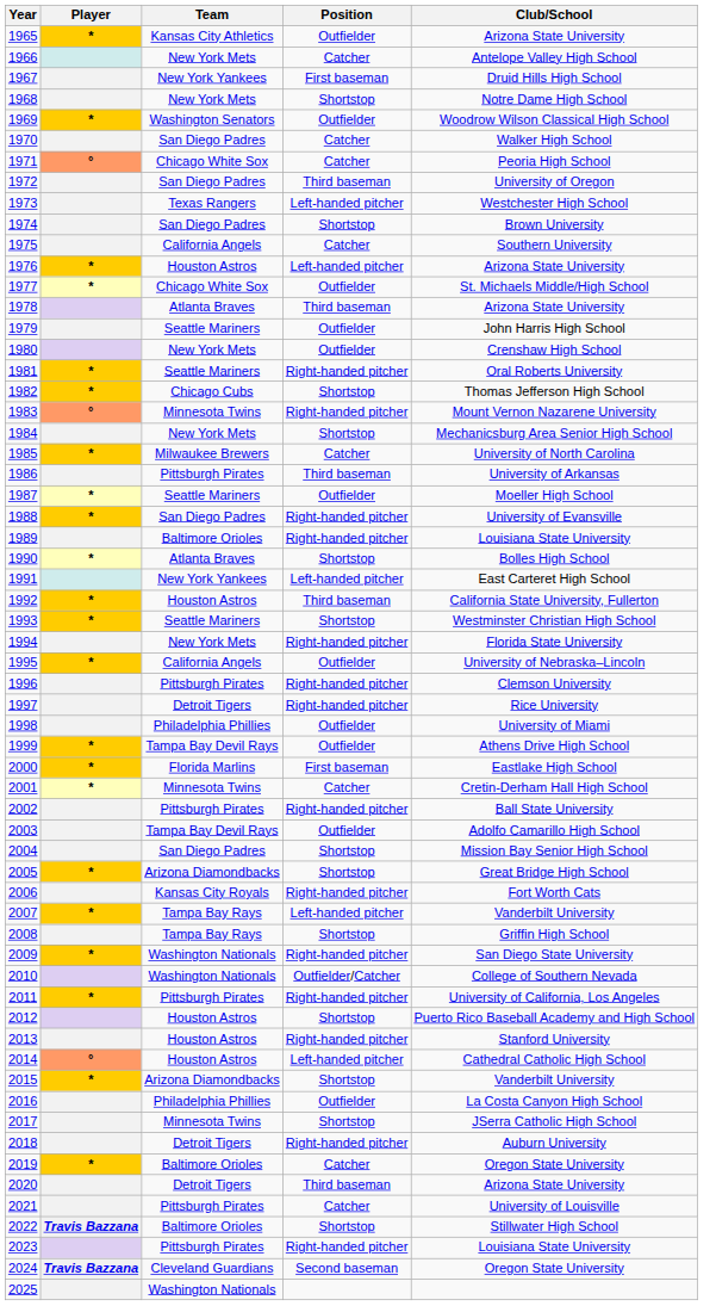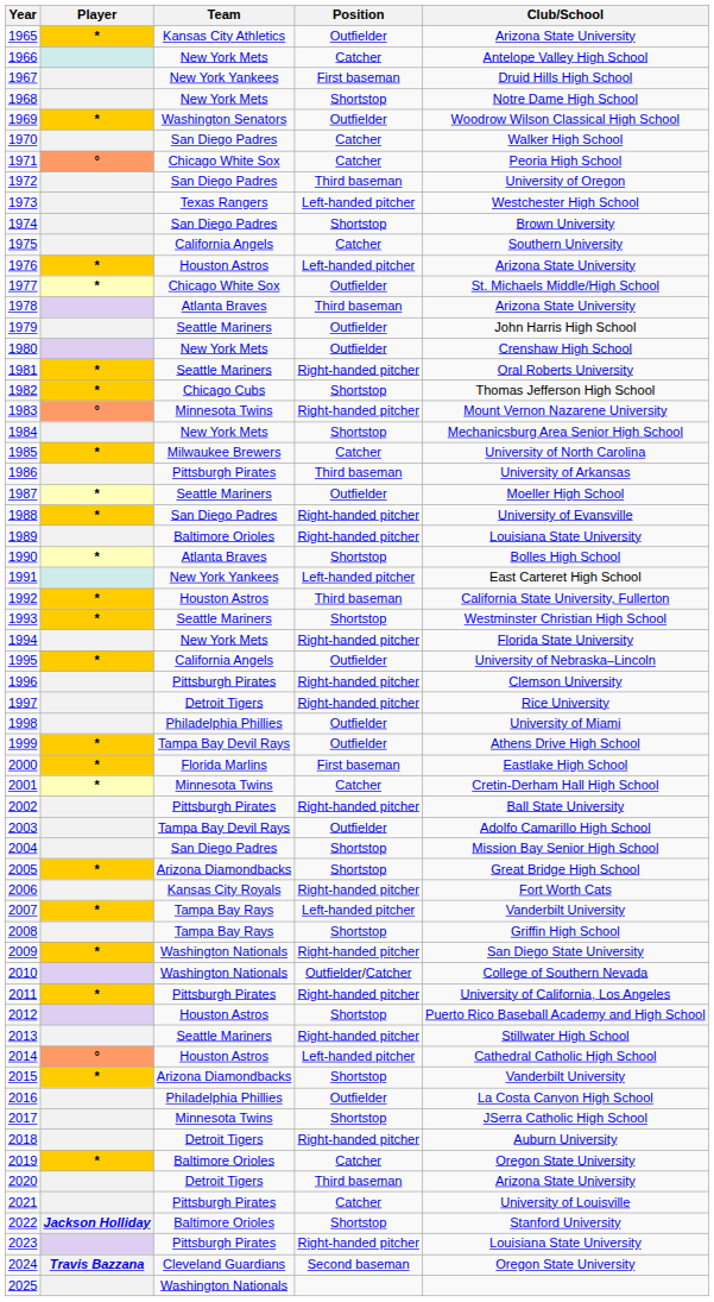 <table class="wikitable sortable plainrowheaders" style="text-align:center">
 <tr>
 <th scope="col">Year</th>
 <th scope="col">Player</th>
 <th scope="col">Team</th>
 <th scope="col">Position</th>
 <th scope="col">Club/School</th>
 </tr>
 <tr>
 <td><a href='#'>1965</a></td>
 <th scope="row" style="text-align:center; background-color: #FFCC00">*</th>
 <td><a href='#'>Kansas City Athletics</a></td>
 <td><a href='#'>Outfielder</a></td>
 <td><a href='#'>Arizona State University</a></td>
 </tr>
 <tr>
 <td><a href='#'>1966</a></td>
 <th scope="row" style="text-align:center; background-color: #CFECEC"></th>
 <td><a href='#'>New York Mets</a></td>
 <td><a href='#'>Catcher</a></td>
 <td><a href='#'>Antelope Valley High School</a><br></td>
 </tr>
 <tr>
 <td><a href='#'>1967</a></td>
 <th scope="row" style="text-align:center"></th>
 <td><a href='#'>New York Yankees</a></td>
 <td><a href='#'>First baseman</a></td>
 <td><a href='#'>Druid Hills High School</a><br></td>
 </tr>
 <tr>
 <td><a href='#'>1968</a></td>
 <th scope="row" style="text-align:center"></th>
 <td><a href='#'>New York Mets</a></td>
 <td><a href='#'>Shortstop</a></td>
 <td><a href='#'>Notre Dame High School</a><br></td>
 </tr>
 <tr>
 <td><a href='#'>1969</a></td>
 <th scope="row" style="text-align:center; background-color: #FFCC00">*</th>
 <td><a href='#'>Washington Senators</a></td>
 <td><a href='#'>Outfielder</a></td>
 <td><a href='#'>Woodrow Wilson Classical High School</a><br></td>
 </tr>
 <tr>
 <td><a href='#'>1970</a></td>
 <th scope="row" style="text-align:center"></th>
 <td><a href='#'>San Diego Padres</a></td>
 <td><a href='#'>Catcher</a></td>
 <td><a href='#'>Walker High School</a><br></td>
 </tr>
 <tr>
 <td><a href='#'>1971</a></td>
 <th scope="row" style="text-align:center; background-color: #FF9966">°</th>
 <td><a href='#'>Chicago White Sox</a></td>
 <td><a href='#'>Catcher</a></td>
 <td><a href='#'>Peoria High School</a><br></td>
 </tr>
 <tr>
 <td><a href='#'>1972</a></td>
 <th scope="row" style="text-align:center"></th>
 <td><a href='#'>San Diego Padres</a></td>
 <td><a href='#'>Third baseman</a></td>
 <td><a href='#'>University of Oregon</a></td>
 </tr>
 <tr>
 <td><a href='#'>1973</a></td>
 <th scope="row" style="text-align:center"></th>
 <td><a href='#'>Texas Rangers</a></td>
 <td><a href='#'>Left-handed pitcher</a></td>
 <td><a href='#'>Westchester High School</a><br></td>
 </tr>
 <tr>
 <td><a href='#'>1974</a></td>
 <th scope="row" style="text-align:center"></th>
 <td><a href='#'>San Diego Padres</a></td>
 <td><a href='#'>Shortstop</a></td>
 <td><a href='#'>Brown University</a></td>
 </tr>
 <tr>
 <td><a href='#'>1975</a></td>
 <th scope="row" style="text-align:center"> </th>
 <td><a href='#'>California Angels</a></td>
 <td><a href='#'>Catcher</a></td>
 <td><a href='#'>Southern University</a></td>
 </tr>
 <tr>
 <td><a href='#'>1976</a></td>
 <th scope="row" style="text-align:center; background-color: #FFCC00">*</th>
 <td><a href='#'>Houston Astros</a></td>
 <td><a href='#'>Left-handed pitcher</a></td>
 <td><a href='#'>Arizona State University</a></td>
 </tr>
 <tr>
 <td><a href='#'>1977</a></td>
 <th scope="row" style="text-align:center; background-color: #ffffbb">*</th>
 <td><a href='#'>Chicago White Sox</a></td>
 <td><a href='#'>Outfielder</a></td>
 <td><a href='#'>St. Michaels Middle/High School</a><br></td>
 </tr>
 <tr>
 <td><a href='#'>1978</a></td>
 <th scope="row" style="text-align:center; background-color: #ddcef2"></th>
 <td><a href='#'>Atlanta Braves</a></td>
 <td><a href='#'>Third baseman</a></td>
 <td><a href='#'>Arizona State University</a></td>
 </tr>
 <tr>
 <td><a href='#'>1979</a></td>
 <th scope="row" style="text-align:center"></th>
 <td><a href='#'>Seattle Mariners</a></td>
 <td><a href='#'>Outfielder</a></td>
 <td>John Harris High School<br></td>
 </tr>
 <tr>
 <td><a href='#'>1980</a></td>
 <th scope="row" style="text-align:center; background-color: #ddcef2"></th>
 <td><a href='#'>New York Mets</a></td>
 <td><a href='#'>Outfielder</a></td>
 <td><a href='#'>Crenshaw High School</a><br></td>
 </tr>
 <tr>
 <td><a href='#'>1981</a></td>
 <th scope="row" style="text-align:center; background-color: #FFCC00">*</th>
 <td><a href='#'>Seattle Mariners</a></td>
 <td><a href='#'>Right-handed pitcher</a></td>
 <td><a href='#'>Oral Roberts University</a></td>
 </tr>
 <tr>
 <td><a href='#'>1982</a></td>
 <th scope="row" style="text-align:center; background-color: #FFCC00">*</th>
 <td><a href='#'>Chicago Cubs</a></td>
 <td><a href='#'>Shortstop</a></td>
 <td>Thomas Jefferson High School<br></td>
 </tr>
 <tr>
 <td><a href='#'>1983</a></td>
 <th scope="row" style="text-align:center; background-color: #FF9966">°</th>
 <td><a href='#'>Minnesota Twins</a></td>
 <td><a href='#'>Right-handed pitcher</a></td>
 <td><a href='#'>Mount Vernon Nazarene University</a></td>
 </tr>
 <tr>
 <td><a href='#'>1984</a></td>
 <th scope="row" style="text-align:center"></th>
 <td><a href='#'>New York Mets</a></td>
 <td><a href='#'>Shortstop</a></td>
 <td><a href='#'>Mechanicsburg Area Senior High School</a><br></td>
 </tr>
 <tr>
 <td><a href='#'>1985</a></td>
 <th scope="row" style="text-align:center; background-color: #FFCC00">*</th>
 <td><a href='#'>Milwaukee Brewers</a></td>
 <td><a href='#'>Catcher</a></td>
 <td><a href='#'>University of North Carolina</a></td>
 </tr>
 <tr>
 <td><a href='#'>1986</a></td>
 <th scope="row" style="text-align:center"></th>
 <td><a href='#'>Pittsburgh Pirates</a></td>
 <td><a href='#'>Third baseman</a></td>
 <td><a href='#'>University of Arkansas</a></td>
 </tr>
 <tr>
 <td><a href='#'>1987</a></td>
 <th scope="row" style="text-align:center; background-color: #ffffbb">*</th>
 <td><a href='#'>Seattle Mariners</a></td>
 <td><a href='#'>Outfielder</a></td>
 <td><a href='#'>Moeller High School</a><br></td>
 </tr>
 <tr>
 <td><a href='#'>1988</a></td>
 <th scope="row" style="text-align:center; background-color: #FFCC00">*</th>
 <td><a href='#'>San Diego Padres</a></td>
 <td><a href='#'>Right-handed pitcher</a></td>
 <td><a href='#'>University of Evansville</a></td>
 </tr>
 <tr>
 <td><a href='#'>1989</a></td>
 <th scope="row" style="text-align:center"></th>
 <td><a href='#'>Baltimore Orioles</a></td>
 <td><a href='#'>Right-handed pitcher</a></td>
 <td><a href='#'>Louisiana State University</a></td>
 </tr>
 <tr>
 <td><a href='#'>1990</a></td>
 <th scope="row" style="text-align:center; background-color: #ffffbb">*</th>
 <td><a href='#'>Atlanta Braves</a></td>
 <td><a href='#'>Shortstop</a></td>
 <td><a href='#'>Bolles High School</a><br></td>
 </tr>
 <tr>
 <td><a href='#'>1991</a></td>
 <th scope="row" style="text-align:center; background-color: #CFECEC"></th>
 <td><a href='#'>New York Yankees</a></td>
 <td><a href='#'>Left-handed pitcher</a></td>
 <td>East Carteret High School<br></td>
 </tr>
 <tr>
 <td><a href='#'>1992</a></td>
 <th scope="row" style="text-align:center; background-color: #FFCC00">*</th>
 <td><a href='#'>Houston Astros</a></td>
 <td><a href='#'>Third baseman</a></td>
 <td><a href='#'>California State University, Fullerton</a></td>
 </tr>
 <tr>
 <td><a href='#'>1993</a></td>
 <th scope="row" style="text-align:center; background-color: #FFCC00">*</th>
 <td><a href='#'>Seattle Mariners</a></td>
 <td><a href='#'>Shortstop</a></td>
 <td><a href='#'>Westminster Christian High School</a><br></td>
 </tr>
 <tr>
 <td><a href='#'>1994</a></td>
 <th scope="row" style="text-align:center"></th>
 <td><a href='#'>New York Mets</a></td>
 <td><a href='#'>Right-handed pitcher</a></td>
 <td><a href='#'>Florida State University</a></td>
 </tr>
 <tr>
 <td><a href='#'>1995</a></td>
 <th scope="row" style="text-align:center; background-color: #FFCC00">*</th>
 <td><a href='#'>California Angels</a></td>
 <td><a href='#'>Outfielder</a></td>
 <td><a href='#'>University of Nebraska–Lincoln</a></td>
 </tr>
 <tr>
 <td><a href='#'>1996</a></td>
 <th scope="row" style="text-align:center"></th>
 <td><a href='#'>Pittsburgh Pirates</a></td>
 <td><a href='#'>Right-handed pitcher</a></td>
 <td><a href='#'>Clemson University</a></td>
 </tr>
 <tr>
 <td><a href='#'>1997</a></td>
 <th scope="row" style="text-align:center"></th>
 <td><a href='#'>Detroit Tigers</a></td>
 <td><a href='#'>Right-handed pitcher</a></td>
 <td><a href='#'>Rice University</a></td>
 </tr>
 <tr>
 <td><a href='#'>1998</a></td>
 <th scope="row" style="text-align:center"></th>
 <td><a href='#'>Philadelphia Phillies</a></td>
 <td><a href='#'>Outfielder</a></td>
 <td><a href='#'>University of Miami</a></td>
 </tr>
 <tr>
 <td><a href='#'>1999</a></td>
 <th scope="row" style="text-align:center; background-color: #FFCC00">*</th>
 <td><a href='#'>Tampa Bay Devil Rays</a></td>
 <td><a href='#'>Outfielder</a></td>
 <td><a href='#'>Athens Drive High School</a><br></td>
 </tr>
 <tr>
 <td><a href='#'>2000</a></td>
 <th scope="row" style="text-align:center; background-color: #FFCC00">*</th>
 <td><a href='#'>Florida Marlins</a></td>
 <td><a href='#'>First baseman</a></td>
 <td><a href='#'>Eastlake High School</a><br></td>
 </tr>
 <tr>
 <td><a href='#'>2001</a></td>
 <th scope="row" style="text-align:center; background-color: #ffffbb">*</th>
 <td><a href='#'>Minnesota Twins</a></td>
 <td><a href='#'>Catcher</a></td>
 <td><a href='#'>Cretin-Derham Hall High School</a><br></td>
 </tr>
 <tr>
 <td><a href='#'>2002</a></td>
 <th scope="row" style="text-align:center"></th>
 <td><a href='#'>Pittsburgh Pirates</a></td>
 <td><a href='#'>Right-handed pitcher</a></td>
 <td><a href='#'>Ball State University</a></td>
 </tr>
 <tr>
 <td><a href='#'>2003</a></td>
 <th scope="row" style="text-align:center"></th>
 <td><a href='#'>Tampa Bay Devil Rays</a></td>
 <td><a href='#'>Outfielder</a></td>
 <td><a href='#'>Adolfo Camarillo High School</a><br></td>
 </tr>
 <tr>
 <td><a href='#'>2004</a></td>
 <th scope="row" style="text-align:center"><em></em></th>
 <td><a href='#'>San Diego Padres</a></td>
 <td><a href='#'>Shortstop</a></td>
 <td><a href='#'>Mission Bay Senior High School</a><br></td>
 </tr>
 <tr>
 <td><a href='#'>2005</a></td>
 <th scope="row" style="text-align:center; background-color:#FFCC00">*</th>
 <td><a href='#'>Arizona Diamondbacks</a></td>
 <td><a href='#'>Shortstop</a></td>
 <td><a href='#'>Great Bridge High School</a><br></td>
 </tr>
 <tr>
 <td><a href='#'>2006</a></td>
 <th scope="row" style="text-align:center"></th>
 <td><a href='#'>Kansas City Royals</a></td>
 <td><a href='#'>Right-handed pitcher</a></td>
 <td><a href='#'>Fort Worth Cats</a> </td>
 </tr>
 <tr>
 <td><a href='#'>2007</a></td>
 <th scope="row" style="text-align:center; background-color:#FFCC00">*</th>
 <td><a href='#'>Tampa Bay Rays</a></td>
 <td><a href='#'>Left-handed pitcher</a></td>
 <td><a href='#'>Vanderbilt University</a></td>
 </tr>
 <tr>
 <td><a href='#'>2008</a></td>
 <th scope="row" style="text-align:center"></th>
 <td><a href='#'>Tampa Bay Rays</a></td>
 <td><a href='#'>Shortstop</a></td>
 <td><a href='#'>Griffin High School</a><br></td>
 </tr>
 <tr>
 <td><a href='#'>2009</a></td>
 <th scope="row" style="text-align:center; background-color:#FFCC00">*</th>
 <td><a href='#'>Washington Nationals</a></td>
 <td><a href='#'>Right-handed pitcher</a></td>
 <td><a href='#'>San Diego State University</a></td>
 </tr>
 <tr>
 <td><a href='#'>2010</a></td>
 <th scope="row" style="text-align:center; background-color: #ddcef2"><em></em></th>
 <td><a href='#'>Washington Nationals</a></td>
 <td><a href='#'>Outfielder</a>/<a href='#'>Catcher</a></td>
 <td><a href='#'>College of Southern Nevada</a></td>
 </tr>
 <tr>
 <td><a href='#'>2011</a></td>
 <th scope="row" style="text-align:center; background-color: #FFCC00"><em></em>*</th>
 <td><a href='#'>Pittsburgh Pirates</a></td>
 <td><a href='#'>Right-handed pitcher</a></td>
 <td><a href='#'>University of California, Los Angeles</a></td>
 </tr>
 <tr>
 <td><a href='#'>2012</a></td>
 <th scope="row" style="text-align:center; background-color: #ddcef2"><em></em></th>
 <td><a href='#'>Houston Astros</a></td>
 <td><a href='#'>Shortstop</a></td>
 <td><a href='#'>Puerto Rico Baseball Academy and High School</a></td>
 </tr>
 <tr>
 <td><a href='#'>2013</a></td>
 <th scope="row" style="text-align:center;"><em></em></th>
-<td><a href='#'>Houston Astros</a></td>
+<td><a href='#'>Seattle Mariners</a></td>
 <td><a href='#'>Right-handed pitcher</a></td>
-<td><a href='#'>Stanford University</a></td>
+<td><a href='#'>Stillwater High School</a><br></td>
 </tr>
 <tr>
 <td><a href='#'>2014</a></td>
 <th scope="row" style="text-align:center; background-color: #FF9966">°</th>
 <td><a href='#'>Houston Astros</a></td>
 <td><a href='#'>Left-handed pitcher</a></td>
 <td><a href='#'>Cathedral Catholic High School</a><br></td>
 </tr>
 <tr>
 <td><a href='#'>2015</a></td>
 <th scope="row" style="text-align:center; background-color:#FFCC00"><em></em>*</th>
 <td><a href='#'>Arizona Diamondbacks</a></td>
 <td><a href='#'>Shortstop</a></td>
 <td><a href='#'>Vanderbilt University</a></td>
 </tr>
 <tr>
 <td><a href='#'>2016</a></td>
 <th scope="row" style="text-align:center"><em></em></th>
 <td><a href='#'>Philadelphia Phillies</a></td>
 <td><a href='#'>Outfielder</a></td>
 <td><a href='#'>La Costa Canyon High School</a><br></td>
 </tr>
 <tr>
 <td><a href='#'>2017</a></td>
 <th scope="row" style="text-align:center"><em></em></th>
 <td><a href='#'>Minnesota Twins</a></td>
 <td><a href='#'>Shortstop</a></td>
 <td><a href='#'>JSerra Catholic High School</a><br></td>
 </tr>
 <tr>
 <td><a href='#'>2018</a></td>
 <th scope="row" style="text-align:center"><em></em></th>
 <td><a href='#'>Detroit Tigers</a></td>
 <td><a href='#'>Right-handed pitcher</a></td>
 <td><a href='#'>Auburn University</a></td>
 </tr>
 <tr>
 <td><a href='#'>2019</a></td>
 <th scope="row" style="text-align:center; background-color:#FFCC00"><em></em>*</th>
 <td><a href='#'>Baltimore Orioles</a></td>
 <td><a href='#'>Catcher</a></td>
 <td><a href='#'>Oregon State University</a></td>
 </tr>
 <tr>
 <td><a href='#'>2020</a></td>
 <th scope="row" style="text-align:center"><em></em></th>
 <td><a href='#'>Detroit Tigers</a></td>
 <td><a href='#'>Third baseman</a></td>
 <td><a href='#'>Arizona State University</a></td>
 </tr>
 <tr>
 <td><a href='#'>2021</a></td>
 <th scope="row" style="text-align:center"><em></em></th>
 <td><a href='#'>Pittsburgh Pirates</a></td>
 <td><a href='#'>Catcher</a></td>
 <td><a href='#'>University of Louisville</a></td>
 </tr>
 <tr>
 <td><a href='#'>2022</a></td>
-<th scope="row" style="text-align:center"><em><a href='#'>Travis Bazzana</a></em></th>
+<th scope="row" style="text-align:center"><em><a href='#'>Jackson Holliday</a></em></th>
 <td><a href='#'>Baltimore Orioles</a></td>
 <td><a href='#'>Shortstop</a></td>
-<td><a href='#'>Stillwater High School</a><br></td>
+<td><a href='#'>Stanford University</a></td>
 </tr>
 <tr>
 <td><a href='#'>2023</a></td>
 <th scope="row" style="text-align:center; background-color: #ddcef2"><em></em></th>
 <td><a href='#'>Pittsburgh Pirates</a></td>
 <td><a href='#'>Right-handed pitcher</a></td>
 <td><a href='#'>Louisiana State University</a></td>
 </tr>
 <tr>
 <td><a href='#'>2024</a></td>
 <th scope="row" style="text-align:center"><em><a href='#'>Travis Bazzana</a></em></th>
 <td><a href='#'>Cleveland Guardians</a></td>
 <td><a href='#'>Second baseman</a></td>
 <td><a href='#'>Oregon State University</a></td>
 </tr>
 <tr>
 <td><a href='#'>2025</a></td>
 <th scope="row" style="text-align:center"></th>
 <td><a href='#'>Washington Nationals</a></td>
 <td></td>
 <td></td>
 </tr>
 </table>
